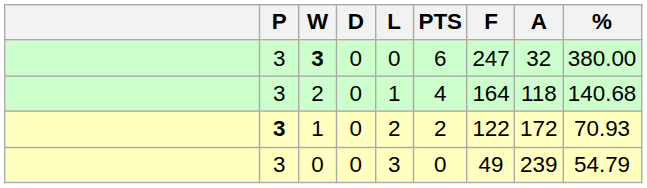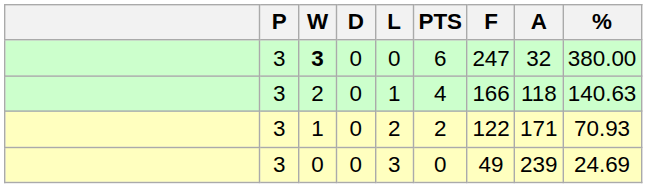 <table class=wikitable style="text-align:center">
 <tr>
 <th width=175></th>
 <th width=20>P</th>
 <th width=20>W</th>
 <th width=20>D</th>
 <th width=20>L</th>
 <th width=20>PTS</th>
 <th width=20>F</th>
 <th width=20>A</th>
 <th width=20>%</th>
 </tr>
 <tr style="background-color:#ccffcc;">
 <td style="text-align:left;"></td>
 <td>3</td>
 <td><strong>3</strong></td>
 <td>0</td>
 <td>0</td>
 <td>6</td>
 <td>247</td>
 <td>32</td>
 <td>380.00</td>
 </tr>
 <tr style="background-color:#ccffcc;">
 <td style="text-align:left;"></td>
 <td>3</td>
 <td>2</td>
 <td>0</td>
 <td>1</td>
 <td>4</td>
-<td>164</td>
+<td>166</td>
 <td>118</td>
-<td>140.68</td>
+<td>140.63</td>
 </tr>
 <tr style="background:#FFFFBF;">
 <td style="text-align:left;"></td>
-<td><strong>3</strong></td>
+<td>3</td>
 <td>1</td>
 <td>0</td>
 <td>2</td>
 <td>2</td>
 <td>122</td>
-<td>172</td>
+<td>171</td>
 <td>70.93</td>
 </tr>
 <tr style="background:#FFFFBF;">
 <td style="text-align:left;"></td>
 <td>3</td>
 <td>0</td>
 <td>0</td>
 <td>3</td>
 <td>0</td>
 <td>49</td>
 <td>239</td>
-<td>54.79</td>
+<td>24.69</td>
 </tr>
 </table>
